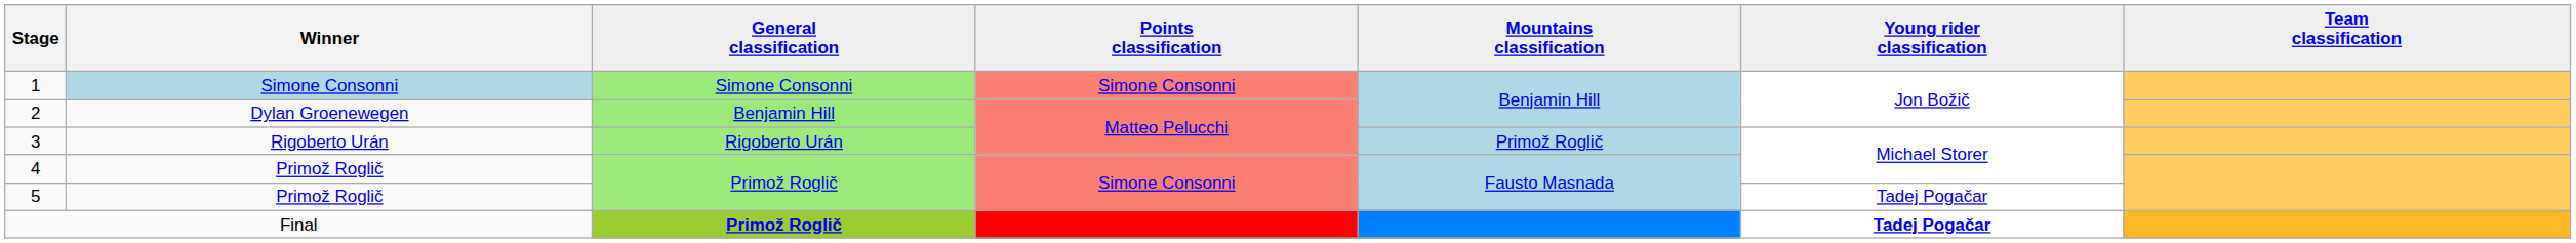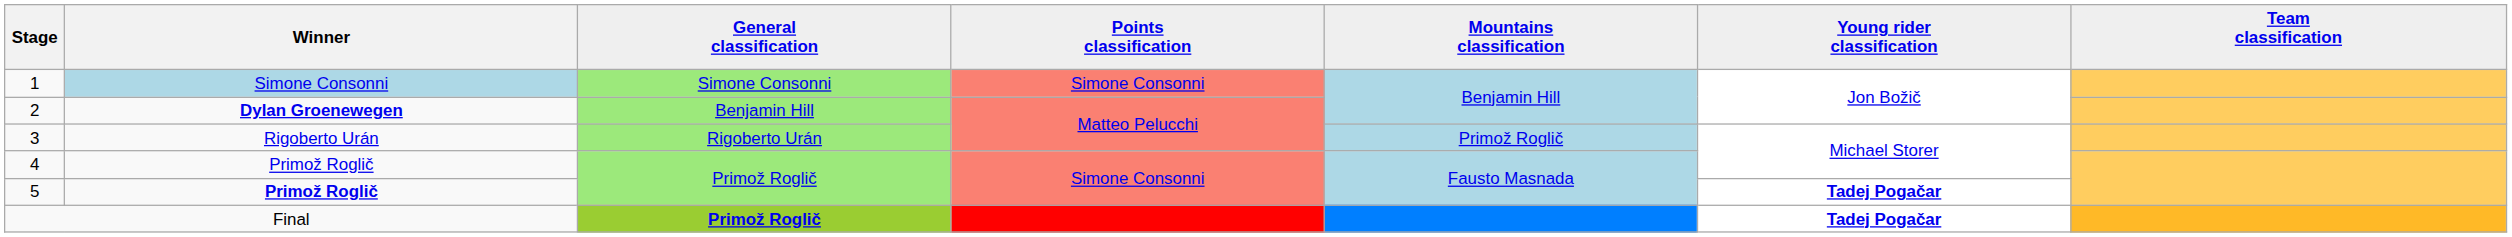 <table class="wikitable" style="text-align: center; font-size:smaller;">
 <tr style="background:#efefef;">
 <th scope="col" style="width:1%;">Stage</th>
 <th scope="col" style="width:16.5%;">Winner</th>
 <th style="background:#efefef; width:12%;"><a href='#'>General<br>classification</a><br></th>
 <th style="background:#efefef; width:12%;"><a href='#'>Points<br>classification</a><br></th>
 <th style="background:#efefef; width:12%;"><a href='#'>Mountains<br>classification</a><br></th>
 <th style="background:#efefef; width:12%;"><a href='#'>Young rider<br>classification</a><br></th>
 <th style="background:#efefef; width:14%;"><a href='#'>Team<br>classification</a><br><br></th>
 </tr>
 <tr>
 <td scope="row">1</td>
 <td style="background: lightblue;"><a href='#'>Simone Consonni</a></td>
 <td style="background:#9CE97B;"><a href='#'>Simone Consonni</a></td>
 <td style="background:salmon;"><a href='#'>Simone Consonni</a></td>
 <td style="background:lightblue;" rowspan=2><a href='#'>Benjamin Hill</a></td>
 <td style="background:white;" rowspan=2><a href='#'>Jon Božič</a></td>
 <td style="background:#FFCD5F;"></td>
 </tr>
 <tr>
 <td scope="row">2</td>
-<td><a href='#'>Dylan Groenewegen</a></td>
+<td><strong><a href='#'>Dylan Groenewegen</a></strong></td>
 <td style="background:#9CE97B;"><a href='#'>Benjamin Hill</a></td>
 <td style="background:salmon;" rowspan=2><a href='#'>Matteo Pelucchi</a></td>
 <td style="background:#FFCD5F;"></td>
 </tr>
 <tr>
 <td scope="row">3</td>
 <td><a href='#'>Rigoberto Urán</a></td>
 <td style="background:#9CE97B;"><a href='#'>Rigoberto Urán</a></td>
 <td style="background:lightblue;"><a href='#'>Primož Roglič</a></td>
 <td style="background:white;" rowspan=2><a href='#'>Michael Storer</a></td>
 <td style="background:#FFCD5F;"></td>
 </tr>
 <tr>
 <td scope="row">4</td>
 <td><a href='#'>Primož Roglič</a></td>
 <td style="background:#9CE97B;" rowspan=2><a href='#'>Primož Roglič</a></td>
 <td style="background:salmon;" rowspan=2><a href='#'>Simone Consonni</a></td>
 <td style="background:lightblue;"  rowspan=2><a href='#'>Fausto Masnada</a></td>
 <td style="background:#FFCD5F;" rowspan=2></td>
 </tr>
 <tr>
 <td scope="row">5</td>
-<td><a href='#'>Primož Roglič</a></td>
-<td style="background:white;"><a href='#'>Tadej Pogačar</a></td>
+<td><strong><a href='#'>Primož Roglič</a></strong></td>
+<td style="background:white;"><strong><a href='#'>Tadej Pogačar</a></strong></td>
 </tr>
 <tr>
 <td colspan="2">Final </td>
 <th style="background:#9ACD32;"><a href='#'>Primož Roglič</a></th>
 <th style="background:red;"></th>
 <th style="background:#007FFF;"></th>
 <th style="background:white;"><a href='#'>Tadej Pogačar</a></th>
 <th style="background:#FFB927;"></th>
 </tr>
 </table>
